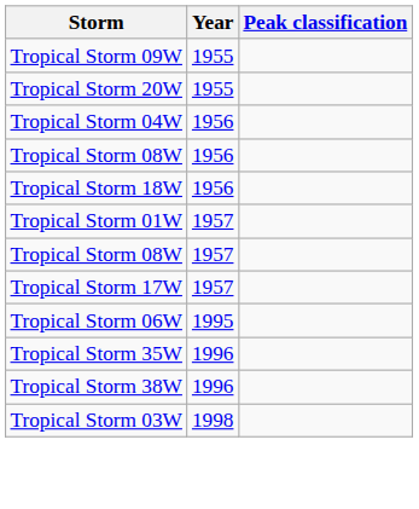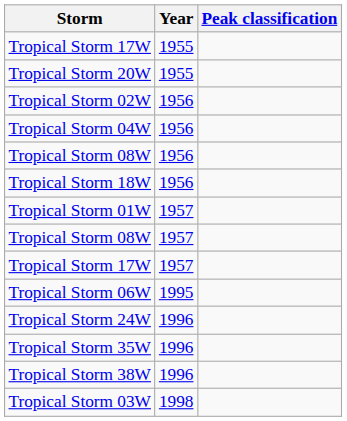 <table class="wikitable" style="display: inline-table; margin-left: 50px;">
 <tr>
 <th>Storm</th>
 <th>Year</th>
 <th><a href='#'>Peak classification</a></th>
 </tr>
 <tr>
-<td><a href='#'>Tropical Storm 09W</a></td>
+<td><a href='#'>Tropical Storm 17W</a></td>
 <td><a href='#'>1955</a></td>
 <td></td>
 </tr>
 <tr>
 <td><a href='#'>Tropical Storm 20W</a></td>
 <td><a href='#'>1955</a></td>
+<td></td>
+</tr>
+<tr>
+<td><a href='#'>Tropical Storm 02W</a></td>
+<td><a href='#'>1956</a></td>
 <td></td>
 </tr>
 <tr>
 <td><a href='#'>Tropical Storm 04W</a></td>
 <td><a href='#'>1956</a></td>
 <td></td>
 </tr>
 <tr>
 <td><a href='#'>Tropical Storm 08W</a></td>
 <td><a href='#'>1956</a></td>
 <td></td>
 </tr>
 <tr>
 <td><a href='#'>Tropical Storm 18W</a></td>
 <td><a href='#'>1956</a></td>
 <td></td>
 </tr>
 <tr>
 <td><a href='#'>Tropical Storm 01W</a></td>
 <td><a href='#'>1957</a></td>
 <td></td>
 </tr>
 <tr>
 <td><a href='#'>Tropical Storm 08W</a></td>
 <td><a href='#'>1957</a></td>
 <td></td>
 </tr>
 <tr>
 <td><a href='#'>Tropical Storm 17W</a></td>
 <td><a href='#'>1957</a></td>
 <td></td>
 </tr>
 <tr>
 <td><a href='#'>Tropical Storm 06W</a></td>
 <td><a href='#'>1995</a></td>
 <td></td>
 </tr>
 <tr>
+<td><a href='#'>Tropical Storm 24W</a></td>
+<td><a href='#'>1996</a></td>
+<td></td>
+</tr>
+<tr>
 <td><a href='#'>Tropical Storm 35W</a></td>
 <td><a href='#'>1996</a></td>
 <td></td>
 </tr>
 <tr>
 <td><a href='#'>Tropical Storm 38W</a></td>
 <td><a href='#'>1996</a></td>
 <td></td>
 </tr>
 <tr>
 <td><a href='#'>Tropical Storm 03W</a></td>
 <td><a href='#'>1998</a></td>
 <td></td>
 </tr>
 </table>
